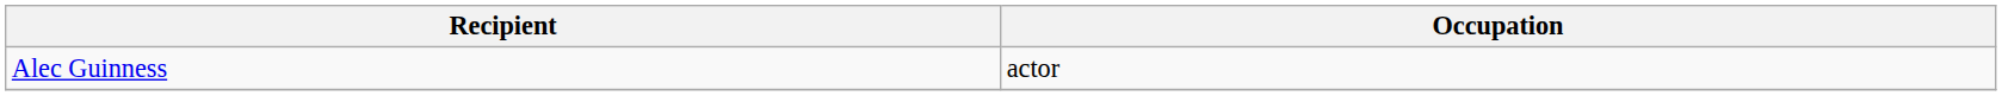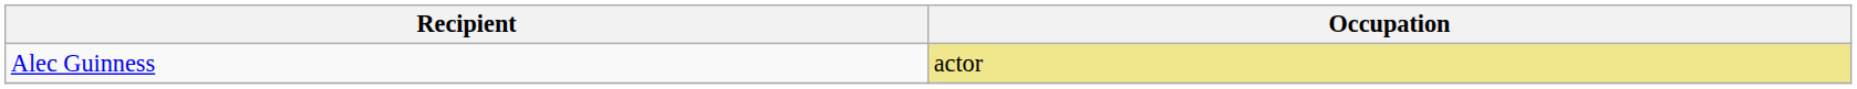 <table class="wikitable" width="95%" cellpadding="5">
 <tr>
 <th width="25%">Recipient</th>
 <th width="25%">Occupation</th>
 </tr>
 <tr>
 <td> <a href='#'>Alec Guinness</a></td>
-<td>actor</td>
+<td style="background: khaki;">actor</td>
 </tr>
 <tr>
 </tr>
 </table>
